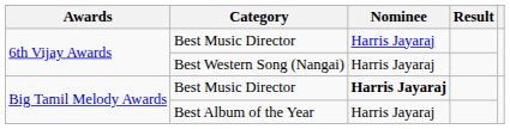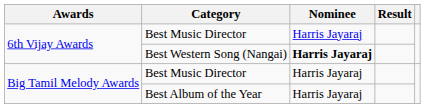 <table class="wikitable">
 <tr>
 <th>Awards</th>
 <th>Category</th>
 <th>Nominee</th>
 <th>Result</th>
 <th></th>
 </tr>
 <tr>
 <td rowspan="2"><a href='#'>6th Vijay Awards</a></td>
 <td>Best Music Director</td>
 <td><a href='#'>Harris Jayaraj</a></td>
 <td></td>
 <td rowspan="2" style="text-align: center;"></td>
 </tr>
 <tr>
 <td>Best Western Song (Nangai)</td>
-<td>Harris Jayaraj</td>
+<td><strong>Harris Jayaraj</strong></td>
 <td></td>
 </tr>
 <tr>
 <td rowspan="2"><a href='#'>Big Tamil Melody Awards</a></td>
 <td>Best Music Director</td>
-<td><strong>Harris Jayaraj</strong></td>
+<td>Harris Jayaraj</td>
 <td></td>
 <td rowspan="2" style="text-align: center;"></td>
 </tr>
 <tr>
 <td>Best Album of the Year</td>
 <td>Harris Jayaraj</td>
 <td></td>
 </tr>
 </table>
